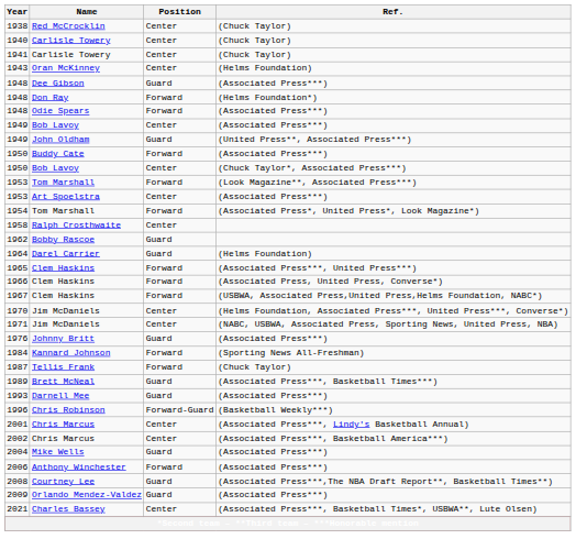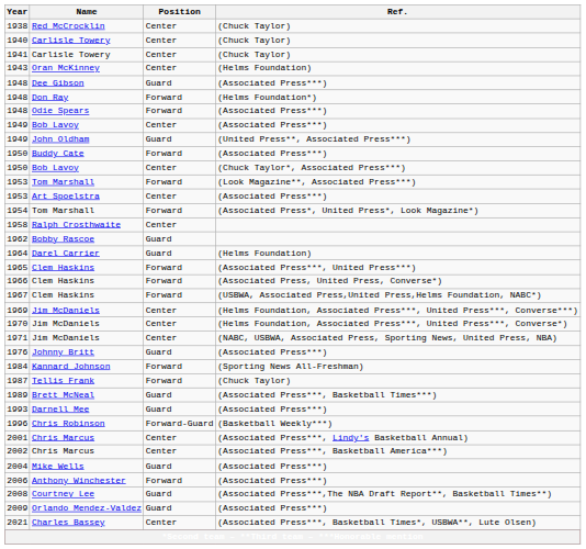 <table class= "wikitable">
 <tr>
 <th width=px>Year</th>
 <th width=px>Name</th>
 <th width=px>Position</th>
 <th width=px>Ref.</th>
 </tr>
 <tr>
 <td>1938</td>
 <td><a href='#'>Red McCrocklin</a></td>
 <td>Center</td>
 <td>(Chuck Taylor)</td>
 </tr>
 <tr>
 <td>1940</td>
 <td><a href='#'>Carlisle Towery</a></td>
 <td>Center</td>
 <td>(Chuck Taylor)</td>
 </tr>
 <tr>
 <td>1941</td>
 <td>Carlisle Towery</td>
 <td>Center</td>
 <td>(Chuck Taylor)</td>
 </tr>
 <tr>
 <td>1943</td>
 <td><a href='#'>Oran McKinney</a></td>
 <td>Center</td>
 <td>(Helms Foundation)</td>
 </tr>
 <tr>
 <td>1948</td>
 <td><a href='#'>Dee Gibson</a></td>
 <td>Guard</td>
 <td>(Associated Press***)</td>
 </tr>
 <tr>
 <td>1948</td>
 <td><a href='#'>Don Ray</a></td>
 <td>Forward</td>
 <td>(Helms Foundation*)</td>
 </tr>
 <tr>
 <td>1948</td>
 <td><a href='#'>Odie Spears</a></td>
 <td>Forward</td>
 <td>(Associated Press***)</td>
 </tr>
 <tr>
 <td>1949</td>
 <td><a href='#'>Bob Lavoy</a></td>
 <td>Center</td>
 <td>(Associated Press***)</td>
 </tr>
 <tr>
 <td>1949</td>
 <td><a href='#'>John Oldham</a></td>
 <td>Guard</td>
 <td>(United Press**, Associated Press***)</td>
 </tr>
 <tr>
 <td>1950</td>
 <td><a href='#'>Buddy Cate</a></td>
 <td>Forward</td>
 <td>(Associated Press***)</td>
 </tr>
 <tr>
 <td>1950</td>
 <td><a href='#'>Bob Lavoy</a></td>
 <td>Center</td>
 <td>(Chuck Taylor*, Associated Press***)</td>
 </tr>
 <tr>
 <td>1953</td>
 <td><a href='#'>Tom Marshall</a></td>
 <td>Forward</td>
 <td>(Look Magazine**, Associated Press***)</td>
 </tr>
 <tr>
 <td>1953</td>
 <td><a href='#'>Art Spoelstra</a></td>
 <td>Center</td>
 <td>(Associated Press***)</td>
 </tr>
 <tr>
 <td>1954</td>
 <td>Tom Marshall</td>
 <td>Forward</td>
 <td>(Associated Press*, United Press*, Look Magazine*)</td>
 </tr>
 <tr>
 <td>1958</td>
 <td><a href='#'>Ralph Crosthwaite</a></td>
 <td>Center</td>
 <td></td>
 </tr>
 <tr>
 <td>1962</td>
 <td><a href='#'>Bobby Rascoe</a></td>
 <td>Guard</td>
 <td></td>
 </tr>
 <tr>
 <td>1964</td>
 <td><a href='#'>Darel Carrier</a></td>
 <td>Guard</td>
 <td>(Helms Foundation)</td>
 </tr>
 <tr>
 <td>1965</td>
 <td><a href='#'>Clem Haskins</a></td>
 <td>Forward</td>
 <td>(Associated Press***, United Press***)</td>
 </tr>
 <tr>
 <td>1966</td>
 <td>Clem Haskins</td>
 <td>Forward</td>
 <td>(Associated Press, United Press, Converse*)</td>
 </tr>
 <tr>
 <td>1967</td>
 <td>Clem Haskins</td>
 <td>Forward</td>
 <td>(USBWA, Associated Press,United Press,Helms Foundation, NABC*)</td>
 </tr>
 <tr>
+<td>1969</td>
+<td><a href='#'>Jim McDaniels</a></td>
+<td>Center</td>
+<td>(Helms Foundation, Associated Press***, United Press***, Converse***)</td>
+</tr>
+<tr>
 <td>1970</td>
 <td>Jim McDaniels</td>
 <td>Center</td>
 <td>(Helms Foundation, Associated Press***, United Press***, Converse*)</td>
 </tr>
 <tr>
 <td>1971</td>
 <td>Jim McDaniels</td>
 <td>Center</td>
 <td>(NABC, USBWA, Associated Press, Sporting News, United Press, NBA)</td>
 </tr>
 <tr>
 <td>1976</td>
 <td><a href='#'>Johnny Britt</a></td>
 <td>Guard</td>
 <td>(Associated Press***)</td>
 </tr>
 <tr>
 <td>1984</td>
 <td><a href='#'>Kannard Johnson</a></td>
 <td>Forward</td>
 <td>(Sporting News All-Freshman)</td>
 </tr>
 <tr>
 <td>1987</td>
 <td><a href='#'>Tellis Frank</a></td>
 <td>Forward</td>
 <td>(Chuck Taylor)</td>
 </tr>
 <tr>
 <td>1989</td>
 <td><a href='#'>Brett McNeal</a></td>
 <td>Guard</td>
 <td>(Associated Press***, Basketball Times***)</td>
 </tr>
 <tr>
 <td>1993</td>
 <td><a href='#'>Darnell Mee</a></td>
 <td>Guard</td>
 <td>(Associated Press***)</td>
 </tr>
 <tr>
 <td>1996</td>
 <td><a href='#'>Chris Robinson</a></td>
 <td>Forward-Guard</td>
 <td>(Basketball Weekly***)</td>
 </tr>
 <tr>
 <td>2001</td>
 <td><a href='#'>Chris Marcus</a></td>
 <td>Center</td>
 <td>(Associated Press***, <a href='#'>Lindy's</a> Basketball Annual)</td>
 </tr>
 <tr>
 <td>2002</td>
 <td>Chris Marcus</td>
 <td>Center</td>
 <td>(Associated Press***, Basketball America***)</td>
 </tr>
 <tr>
 <td>2004</td>
 <td><a href='#'>Mike Wells</a></td>
 <td>Guard</td>
 <td>(Associated Press***)</td>
 </tr>
 <tr>
 <td>2006</td>
 <td><a href='#'>Anthony Winchester</a></td>
 <td>Forward</td>
 <td>(Associated Press***)</td>
 </tr>
 <tr>
 <td>2008</td>
 <td><a href='#'>Courtney Lee</a></td>
 <td>Guard</td>
 <td>(Associated Press***,The NBA Draft Report**, Basketball Times**)</td>
 </tr>
 <tr>
 <td>2009</td>
 <td><a href='#'>Orlando Mendez-Valdez</a></td>
 <td>Guard</td>
 <td>(Associated Press***)</td>
 </tr>
 <tr>
 <td>2021</td>
 <td><a href='#'>Charles Bassey</a></td>
 <td>Center</td>
 <td>(Associated Press***, Basketball Times*, USBWA**, Lute Olsen)</td>
 </tr>
 <tr style="background: #B01E24; color:white; text-align:center">
 <th colspan=4>*Second team – **Third team – ***Honorable mention</th>
 </tr>
 </table>
